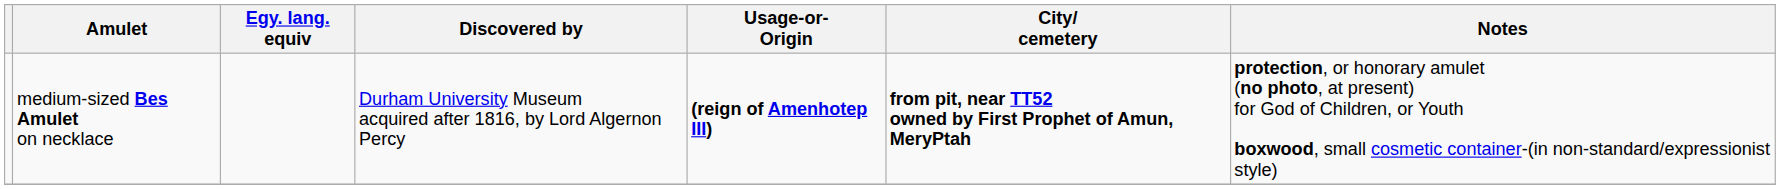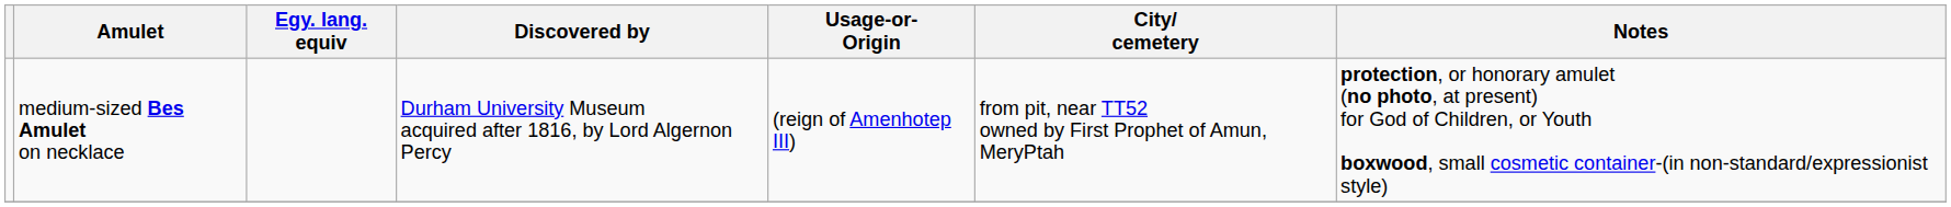 <table class="wikitable sortable">
 <tr style="background:#efefef;">
 <th></th>
 <th><strong>Amulet</strong></th>
 <th><a href='#'>Egy. lang.</a> equiv</th>
 <th>Discovered by</th>
 <th>Usage-or-<br>Origin</th>
 <th>City/<br>cemetery</th>
 <th>Notes</th>
 </tr>
 <tr>
 <td></td>
 <td>medium-sized <strong><a href='#'>Bes</a> Amulet</strong><br>on necklace</td>
 <td></td>
 <td><a href='#'>Durham University</a> Museum<br>acquired after 1816, by Lord Algernon Percy</td>
-<td><strong>(reign of <a href='#'>Amenhotep III</a>)</strong></td>
-<td><strong>from pit, near <a href='#'>TT52</a><br>owned by First Prophet of Amun, MeryPtah</strong></td>
+<td>(reign of <a href='#'>Amenhotep III</a>)</td>
+<td>from pit, near <a href='#'>TT52</a><br>owned by First Prophet of Amun, MeryPtah</td>
 <td><strong>protection</strong>, or honorary amulet<br>(<strong>no photo</strong>, at present)<br> for God of Children, or Youth<br><br><strong>boxwood</strong>, small <a href='#'>cosmetic container</a>-(in non-standard/expressionist style)</td>
 </tr>
 <tr>
 </tr>
 </table>
